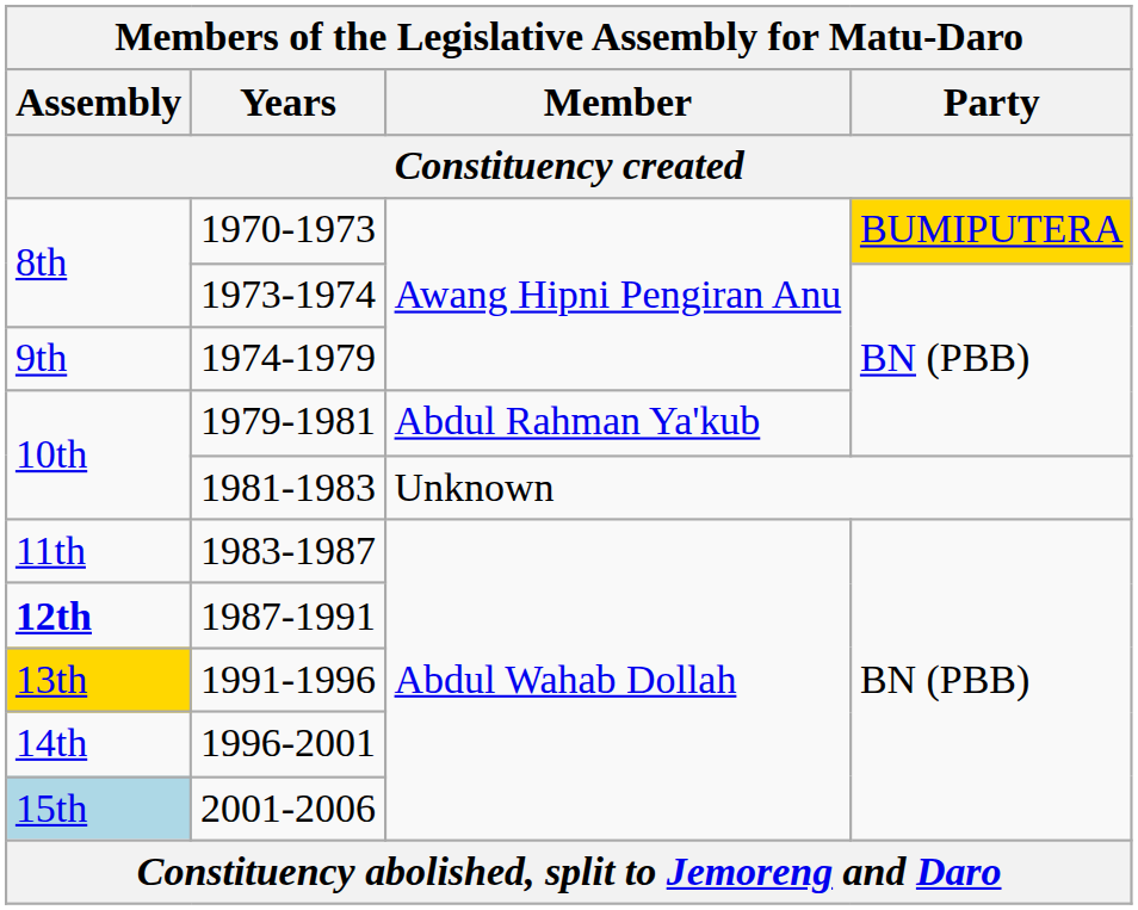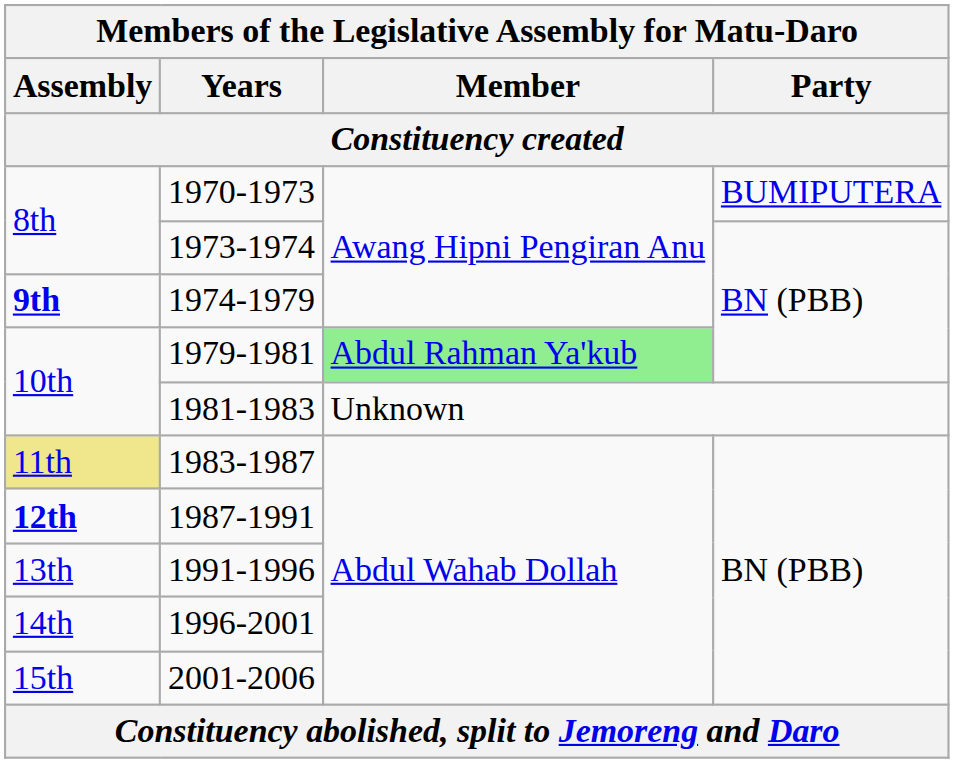 <table class=wikitable>
 <tr>
 <th colspan="4">Members of the Legislative Assembly for Matu-Daro</th>
 </tr>
 <tr>
 <th>Assembly</th>
 <th>Years</th>
 <th>Member</th>
 <th>Party</th>
 </tr>
 <tr>
 <th colspan=4 align=center><em>Constituency created</em></th>
 </tr>
 <tr>
 <td rowspan=2><a href='#'>8th</a></td>
 <td>1970-1973</td>
 <td rowspan=3><a href='#'>Awang Hipni Pengiran Anu</a></td>
-<td style="background: gold;"><a href='#'>BUMIPUTERA</a></td>
+<td><a href='#'>BUMIPUTERA</a></td>
 </tr>
 <tr>
 <td>1973-1974</td>
 <td rowspan="3"><a href='#'>BN</a> (PBB)</td>
 </tr>
 <tr>
-<td><a href='#'>9th</a></td>
+<td><strong><a href='#'>9th</a></strong></td>
 <td>1974-1979</td>
 </tr>
 <tr>
 <td rowspan=2><a href='#'>10th</a></td>
 <td>1979-1981</td>
-<td><a href='#'>Abdul Rahman Ya'kub</a></td>
+<td style="background: lightgreen;"><a href='#'>Abdul Rahman Ya'kub</a></td>
 </tr>
 <tr>
 <td>1981-1983</td>
 <td colspan="2">Unknown</td>
 </tr>
 <tr>
-<td><a href='#'>11th</a></td>
+<td style="background: khaki;"><a href='#'>11th</a></td>
 <td>1983-1987</td>
 <td rowspan=5><a href='#'>Abdul Wahab Dollah</a></td>
 <td rowspan="5">BN (PBB)</td>
 </tr>
 <tr>
 <td><strong><a href='#'>12th</a></strong></td>
 <td>1987-1991</td>
 </tr>
 <tr>
-<td style="background: gold;"><a href='#'>13th</a></td>
+<td><a href='#'>13th</a></td>
 <td>1991-1996</td>
 </tr>
 <tr>
 <td><a href='#'>14th</a></td>
 <td>1996-2001</td>
 </tr>
 <tr>
-<td style="background: lightblue;"><a href='#'>15th</a></td>
+<td><a href='#'>15th</a></td>
 <td>2001-2006</td>
 </tr>
 <tr>
 <th colspan=4 align=center><em>Constituency abolished, split to <a href='#'>Jemoreng</a> and <a href='#'>Daro</a></em></th>
 </tr>
 </table>
